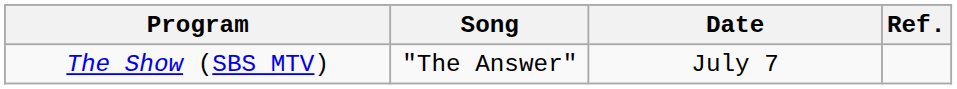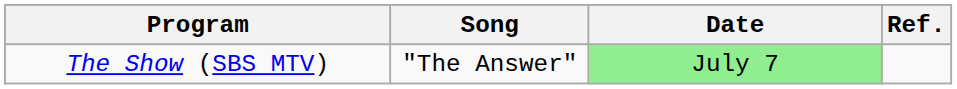 <table class="wikitable" style="text-align:center;">
 <tr>
 <th style="width:200px;">Program</th>
 <th style="width:100px;">Song</th>
 <th style="width:150px;">Date</th>
 <th>Ref.</th>
 </tr>
 <tr>
 <td rowspan="2"><em><a href='#'>The Show</a></em> (<a href='#'>SBS MTV</a>)</td>
 <td>"The Answer"</td>
-<td>July 7</td>
+<td style="background: lightgreen;">July 7</td>
 <td></td>
 </tr>
 </table>
